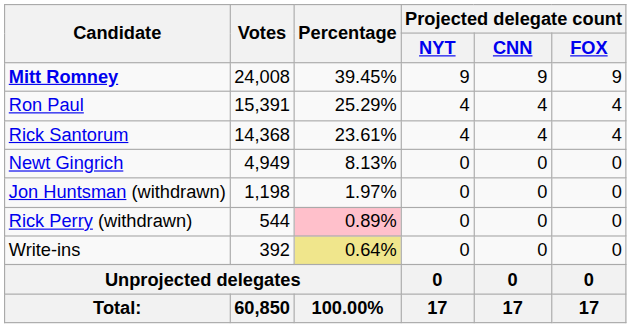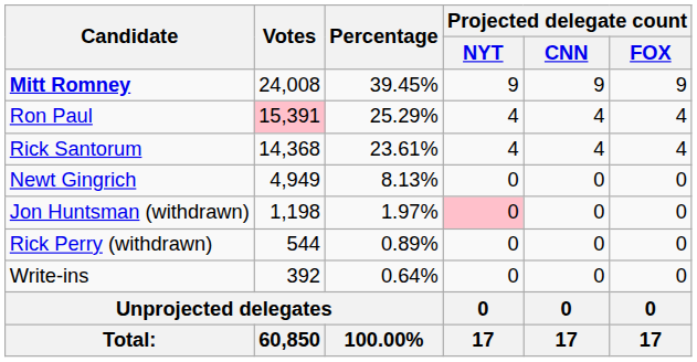 <table class="wikitable" style="text-align:right;">
 <tr>
 <th rowspan="2">Candidate</th>
 <th rowspan="2">Votes</th>
 <th rowspan="2">Percentage</th>
 <th colspan="3">Projected delegate count</th>
 </tr>
 <tr>
 <th><a href='#'>NYT</a><br></th>
 <th><a href='#'>CNN</a><br></th>
 <th><a href='#'>FOX</a><br></th>
 </tr>
 <tr>
 <td style="text-align:left;"> <strong><a href='#'>Mitt Romney</a></strong></td>
 <td>24,008</td>
 <td>39.45%</td>
 <td>9</td>
 <td>9</td>
 <td>9</td>
 </tr>
 <tr>
 <td style="text-align:left;"><a href='#'>Ron Paul</a></td>
-<td>15,391</td>
+<td style="background: pink;">15,391</td>
 <td>25.29%</td>
 <td>4</td>
 <td>4</td>
 <td>4</td>
 </tr>
 <tr>
 <td style="text-align:left;"><a href='#'>Rick Santorum</a></td>
 <td>14,368</td>
 <td>23.61%</td>
 <td>4</td>
 <td>4</td>
 <td>4</td>
 </tr>
 <tr>
 <td style="text-align:left;"><a href='#'>Newt Gingrich</a></td>
 <td>4,949</td>
 <td>8.13%</td>
 <td>0</td>
 <td>0</td>
 <td>0</td>
 </tr>
 <tr>
 <td style="text-align:left;"><a href='#'>Jon Huntsman</a> (withdrawn)</td>
 <td>1,198</td>
 <td>1.97%</td>
-<td>0</td>
+<td style="background: pink;">0</td>
 <td>0</td>
 <td>0</td>
 </tr>
 <tr>
 <td style="text-align:left;"><a href='#'>Rick Perry</a> (withdrawn)</td>
 <td>544</td>
-<td style="background: pink;">0.89%</td>
+<td>0.89%</td>
 <td>0</td>
 <td>0</td>
 <td>0</td>
 </tr>
 <tr>
 <td style="text-align:left;">Write-ins</td>
 <td>392</td>
-<td style="background: khaki;">0.64%</td>
+<td>0.64%</td>
 <td>0</td>
 <td>0</td>
 <td>0</td>
 </tr>
 <tr style="background:#eee;">
 <th colspan="3">Unprojected delegates</th>
 <th>0</th>
 <th>0</th>
 <th>0</th>
 </tr>
 <tr style="background:#eee;">
 <th>Total:</th>
 <th>60,850</th>
 <th>100.00%</th>
 <th>17</th>
 <th>17</th>
 <th>17</th>
 </tr>
 </table>
